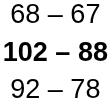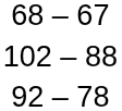 <table style="text-align:center">
 <tr>
 <th width=200></th>
 <th width=100></th>
 <th width=200></th>
 <th></th>
 </tr>
 <tr>
 <td align=right><strong></strong></td>
 <td>68 – 67</td>
 <td align=left></td>
 </tr>
 <tr>
 <td align=right><strong></strong></td>
-<td><strong>102 – 88</strong></td>
+<td>102 – 88</td>
 <td align=left></td>
 </tr>
 <tr>
 <td align=right><strong></strong></td>
 <td>92 – 78</td>
 <td align=left></td>
 </tr>
 </table>
